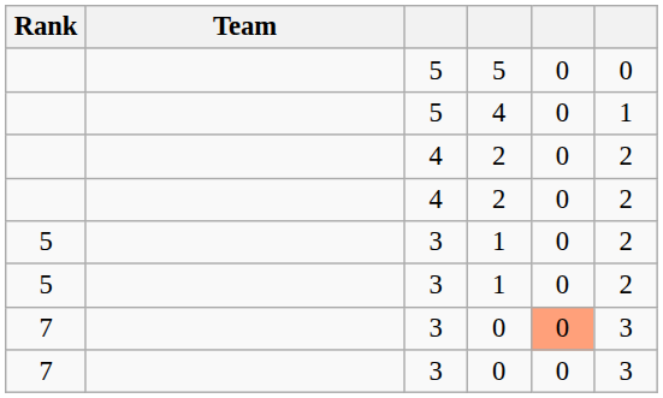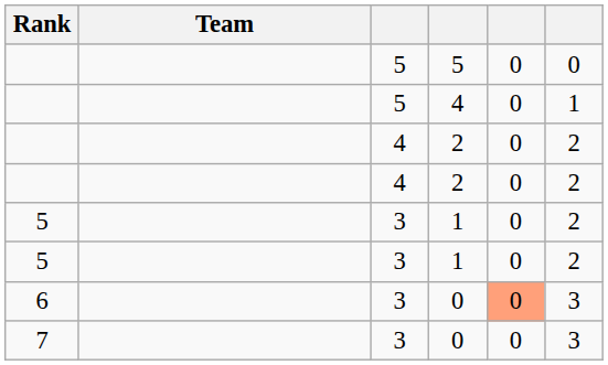 <table class="wikitable" style="text-align: center;">
 <tr>
 <th width=40>Rank</th>
 <th width=180>Team</th>
 <th width=30></th>
 <th width=30></th>
 <th width=30></th>
 <th width=30></th>
 </tr>
 <tr>
 <td></td>
 <td align=left></td>
 <td>5</td>
 <td>5</td>
 <td>0</td>
 <td>0</td>
 </tr>
 <tr>
 <td></td>
 <td align=left></td>
 <td>5</td>
 <td>4</td>
 <td>0</td>
 <td>1</td>
 </tr>
 <tr>
 <td></td>
 <td align=left></td>
 <td>4</td>
 <td>2</td>
 <td>0</td>
 <td>2</td>
 </tr>
 <tr>
 <td></td>
 <td align=left></td>
 <td>4</td>
 <td>2</td>
 <td>0</td>
 <td>2</td>
 </tr>
 <tr>
 <td>5</td>
 <td align=left></td>
 <td>3</td>
 <td>1</td>
 <td>0</td>
 <td>2</td>
 </tr>
 <tr>
 <td>5</td>
 <td align=left></td>
 <td>3</td>
 <td>1</td>
 <td>0</td>
 <td>2</td>
 </tr>
 <tr>
-<td>7</td>
+<td>6</td>
 <td align=left></td>
 <td>3</td>
 <td>0</td>
 <td style="background: lightsalmon;">0</td>
 <td>3</td>
 </tr>
 <tr>
 <td>7</td>
 <td align=left></td>
 <td>3</td>
 <td>0</td>
 <td>0</td>
 <td>3</td>
 </tr>
 </table>
